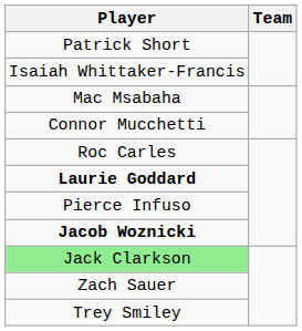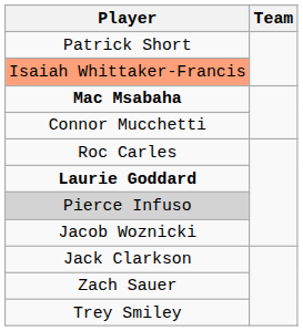 <table class="wikitable" style="text-align: center;">
 <tr>
 <th>Player</th>
 <th>Team</th>
 </tr>
 <tr>
 <td>Patrick Short</td>
 <td rowspan=2></td>
 </tr>
 <tr>
-<td>Isaiah Whittaker-Francis</td>
+<td style="background: lightsalmon;">Isaiah Whittaker-Francis</td>
 </tr>
 <tr>
-<td>Mac Msabaha</td>
+<td><strong>Mac Msabaha</strong></td>
 <td rowspan=2></td>
 </tr>
 <tr>
 <td>Connor Mucchetti</td>
 </tr>
 <tr>
 <td>Roc Carles</td>
 <td rowspan=4></td>
 </tr>
 <tr>
 <td><strong>Laurie Goddard</strong></td>
 </tr>
 <tr>
-<td>Pierce Infuso</td>
+<td style="background: lightgrey;">Pierce Infuso</td>
 </tr>
 <tr>
-<td><strong>Jacob Woznicki</strong></td>
+<td>Jacob Woznicki</td>
 </tr>
 <tr>
-<td style="background: lightgreen;">Jack Clarkson</td>
+<td>Jack Clarkson</td>
 <td rowspan=3></td>
 </tr>
 <tr>
 <td>Zach Sauer</td>
 </tr>
 <tr>
 <td>Trey Smiley</td>
 </tr>
 </table>
